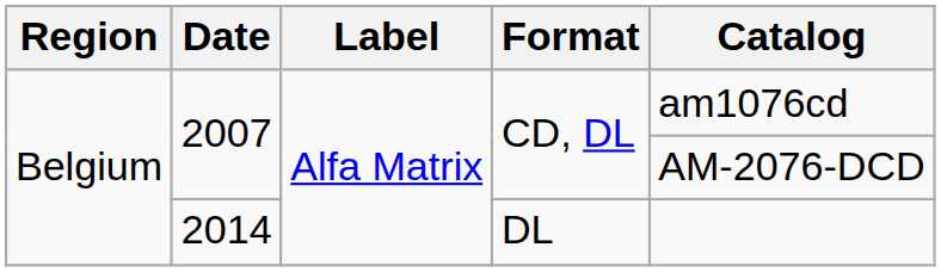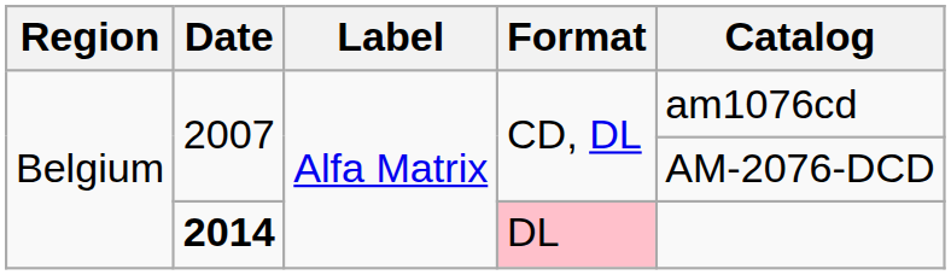 <table class="wikitable">
 <tr>
 <th>Region</th>
 <th>Date</th>
 <th>Label</th>
 <th>Format</th>
 <th>Catalog</th>
 </tr>
 <tr>
 <td rowspan="3">Belgium</td>
 <td rowspan="2">2007</td>
 <td rowspan="3"><a href='#'>Alfa Matrix</a></td>
 <td rowspan="2">CD, <a href='#'>DL</a></td>
 <td>am1076cd</td>
 </tr>
 <tr>
 <td>AM-2076-DCD</td>
 </tr>
 <tr>
-<td>2014</td>
-<td>DL</td>
+<td><strong>2014</strong></td>
+<td style="background: pink;">DL</td>
 <td></td>
 </tr>
 </table>
